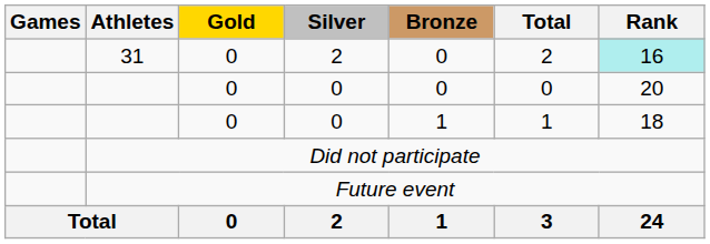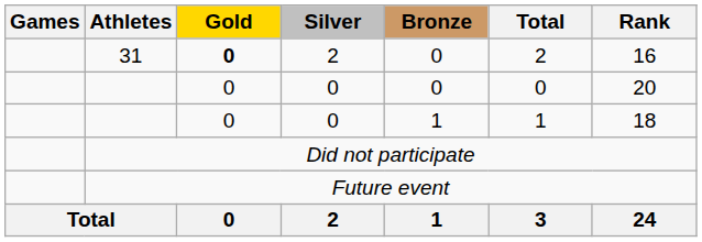 <table class="wikitable sortable" style="text-align:center; font-size:90%;">
 <tr>
 <th>Games</th>
 <th>Athletes</th>
 <th style="background:gold; width:4.5em; font-weight:bold;">Gold</th>
 <th style="background:silver; width:4.5em; font-weight:bold;">Silver</th>
 <th style="background:#cc9966; width:4.5em; font-weight:bold;">Bronze</th>
 <th style="width:4.5em; font-weight:bold;">Total</th>
 <th style="width:4.5em; font-weight:bold;">Rank</th>
 </tr>
 <tr>
 <td align=left></td>
 <td>31</td>
-<td>0</td>
+<td><strong>0</strong></td>
 <td>2</td>
 <td>0</td>
 <td>2</td>
-<td style="background: paleturquoise;">16</td>
+<td>16</td>
 </tr>
 <tr>
 <td align=left></td>
 <td></td>
 <td>0</td>
 <td>0</td>
 <td>0</td>
 <td>0</td>
 <td>20</td>
 </tr>
 <tr>
 <td align=left></td>
 <td></td>
 <td>0</td>
 <td>0</td>
 <td>1</td>
 <td>1</td>
 <td>18</td>
 </tr>
 <tr>
 <td align=left></td>
 <td colspan=6><em>Did not participate</em></td>
 </tr>
 <tr>
 <td align=left></td>
 <td colspan=6><em>Future event</em></td>
 </tr>
 <tr>
 <th colspan=2>Total</th>
 <th>0</th>
 <th>2</th>
 <th>1</th>
 <th>3</th>
 <th>24</th>
 </tr>
 </table>
